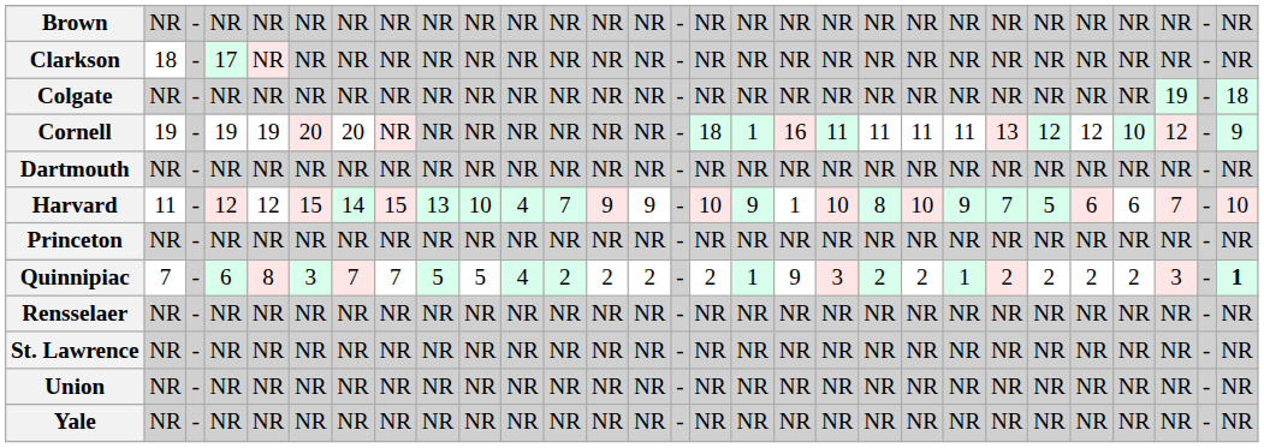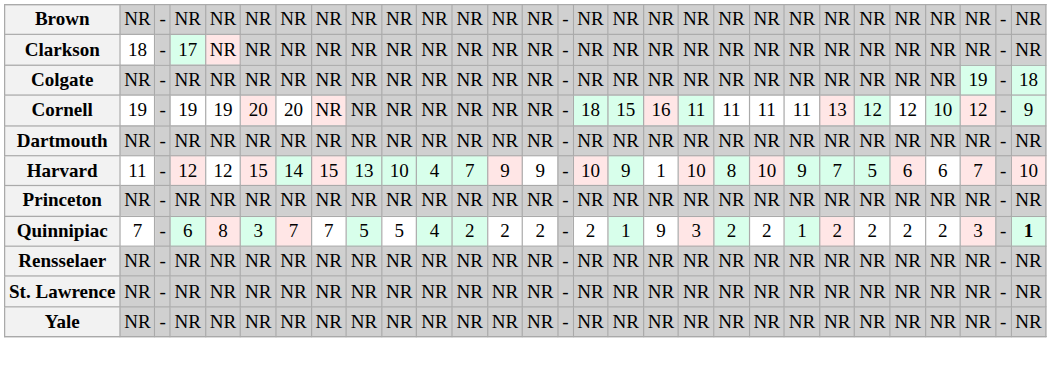 <table class="wikitable sortable" style="text-align: center;">
 <tr>
 </tr>
 <tr bgcolor=d0d0d0>
 <th>Brown</th>
 <td>NR</td>
 <td>-</td>
 <td>NR</td>
 <td>NR</td>
 <td>NR</td>
 <td>NR</td>
 <td>NR</td>
 <td>NR</td>
 <td>NR</td>
 <td>NR</td>
 <td>NR</td>
 <td>NR</td>
 <td>NR</td>
 <td>-</td>
 <td>NR</td>
 <td>NR</td>
 <td>NR</td>
 <td>NR</td>
 <td>NR</td>
 <td>NR</td>
 <td>NR</td>
 <td>NR</td>
 <td>NR</td>
 <td>NR</td>
 <td>NR</td>
 <td>NR</td>
 <td>-</td>
 <td>NR</td>
 </tr>
 <tr bgcolor=d0d0d0>
 <th>Clarkson</th>
 <td bgcolor=ffffff>18</td>
 <td>-</td>
 <td bgcolor=D8FFEB>17</td>
 <td bgcolor=FFE6E6>NR</td>
 <td>NR</td>
 <td>NR</td>
 <td>NR</td>
 <td>NR</td>
 <td>NR</td>
 <td>NR</td>
 <td>NR</td>
 <td>NR</td>
 <td>NR</td>
 <td>-</td>
 <td>NR</td>
 <td>NR</td>
 <td>NR</td>
 <td>NR</td>
 <td>NR</td>
 <td>NR</td>
 <td>NR</td>
 <td>NR</td>
 <td>NR</td>
 <td>NR</td>
 <td>NR</td>
 <td>NR</td>
 <td>-</td>
 <td>NR</td>
 </tr>
 <tr bgcolor=d0d0d0>
 <th>Colgate</th>
 <td>NR</td>
 <td>-</td>
 <td>NR</td>
 <td>NR</td>
 <td>NR</td>
 <td>NR</td>
 <td>NR</td>
 <td>NR</td>
 <td>NR</td>
 <td>NR</td>
 <td>NR</td>
 <td>NR</td>
 <td>NR</td>
 <td>-</td>
 <td>NR</td>
 <td>NR</td>
 <td>NR</td>
 <td>NR</td>
 <td>NR</td>
 <td>NR</td>
 <td>NR</td>
 <td>NR</td>
 <td>NR</td>
 <td>NR</td>
 <td>NR</td>
 <td bgcolor=D8FFEB>19</td>
 <td>-</td>
 <td bgcolor=D8FFEB>18</td>
 </tr>
 <tr bgcolor=d0d0d0>
 <th>Cornell</th>
 <td bgcolor=ffffff>19</td>
 <td>-</td>
 <td bgcolor=ffffff>19</td>
 <td bgcolor=ffffff>19</td>
 <td bgcolor=FFE6E6>20</td>
 <td bgcolor=ffffff>20</td>
 <td bgcolor=FFE6E6>NR</td>
 <td>NR</td>
 <td>NR</td>
 <td>NR</td>
 <td>NR</td>
 <td>NR</td>
 <td>NR</td>
 <td>-</td>
 <td bgcolor=D8FFEB>18</td>
-<td bgcolor=D8FFEB>1</td>
+<td bgcolor=D8FFEB>15</td>
 <td bgcolor=FFE6E6>16</td>
 <td bgcolor=D8FFEB>11</td>
 <td bgcolor=ffffff>11</td>
 <td bgcolor=ffffff>11</td>
 <td bgcolor=ffffff>11</td>
 <td bgcolor=FFE6E6>13</td>
 <td bgcolor=D8FFEB>12</td>
 <td bgcolor=ffffff>12</td>
 <td bgcolor=D8FFEB>10</td>
 <td bgcolor=FFE6E6>12</td>
 <td>-</td>
 <td bgcolor=D8FFEB>9</td>
 </tr>
 <tr bgcolor=d0d0d0>
 <th>Dartmouth</th>
 <td>NR</td>
 <td>-</td>
 <td>NR</td>
 <td>NR</td>
 <td>NR</td>
 <td>NR</td>
 <td>NR</td>
 <td>NR</td>
 <td>NR</td>
 <td>NR</td>
 <td>NR</td>
 <td>NR</td>
 <td>NR</td>
 <td>-</td>
 <td>NR</td>
 <td>NR</td>
 <td>NR</td>
 <td>NR</td>
 <td>NR</td>
 <td>NR</td>
 <td>NR</td>
 <td>NR</td>
 <td>NR</td>
 <td>NR</td>
 <td>NR</td>
 <td>NR</td>
 <td>-</td>
 <td>NR</td>
 </tr>
 <tr bgcolor=d0d0d0>
 <th>Harvard</th>
 <td bgcolor=ffffff>11</td>
 <td>-</td>
 <td bgcolor=FFE6E6>12</td>
 <td bgcolor=ffffff>12</td>
 <td bgcolor=FFE6E6>15</td>
 <td bgcolor=D8FFEB>14</td>
 <td bgcolor=FFE6E6>15</td>
 <td bgcolor=D8FFEB>13</td>
 <td bgcolor=D8FFEB>10</td>
 <td bgcolor=D8FFEB>4</td>
 <td bgcolor=D8FFEB>7</td>
 <td bgcolor=FFE6E6>9</td>
 <td bgcolor=ffffff>9</td>
 <td>-</td>
 <td bgcolor=FFE6E6>10</td>
 <td bgcolor=D8FFEB>9</td>
 <td bgcolor=ffffff>1</td>
 <td bgcolor=FFE6E6>10</td>
 <td bgcolor=D8FFEB>8</td>
 <td bgcolor=FFE6E6>10</td>
 <td bgcolor=D8FFEB>9</td>
 <td bgcolor=D8FFEB>7</td>
 <td bgcolor=D8FFEB>5</td>
 <td bgcolor=FFE6E6>6</td>
 <td bgcolor=ffffff>6</td>
 <td bgcolor=FFE6E6>7</td>
 <td>-</td>
 <td bgcolor=FFE6E6>10</td>
 </tr>
 <tr bgcolor=d0d0d0>
 <th>Princeton</th>
 <td>NR</td>
 <td>-</td>
 <td>NR</td>
 <td>NR</td>
 <td>NR</td>
 <td>NR</td>
 <td>NR</td>
 <td>NR</td>
 <td>NR</td>
 <td>NR</td>
 <td>NR</td>
 <td>NR</td>
 <td>NR</td>
 <td>-</td>
 <td>NR</td>
 <td>NR</td>
 <td>NR</td>
 <td>NR</td>
 <td>NR</td>
 <td>NR</td>
 <td>NR</td>
 <td>NR</td>
 <td>NR</td>
 <td>NR</td>
 <td>NR</td>
 <td>NR</td>
 <td>-</td>
 <td>NR</td>
 </tr>
 <tr bgcolor=d0d0d0>
 <th>Quinnipiac</th>
 <td bgcolor=ffffff>7</td>
 <td>-</td>
 <td bgcolor=D8FFEB>6</td>
 <td bgcolor=FFE6E6>8</td>
 <td bgcolor=D8FFEB>3</td>
 <td bgcolor=FFE6E6>7</td>
 <td bgcolor=ffffff>7</td>
 <td bgcolor=D8FFEB>5</td>
 <td bgcolor=ffffff>5</td>
 <td bgcolor=D8FFEB>4</td>
 <td bgcolor=D8FFEB>2</td>
 <td bgcolor=ffffff>2</td>
 <td bgcolor=ffffff>2</td>
 <td>-</td>
 <td bgcolor=ffffff>2</td>
 <td bgcolor=D8FFEB>1</td>
 <td bgcolor=ffffff>9</td>
 <td bgcolor=FFE6E6>3</td>
 <td bgcolor=D8FFEB>2</td>
 <td bgcolor=ffffff>2</td>
 <td bgcolor=D8FFEB>1</td>
 <td bgcolor=FFE6E6>2</td>
 <td bgcolor=ffffff>2</td>
 <td bgcolor=ffffff>2</td>
 <td bgcolor=ffffff>2</td>
 <td bgcolor=FFE6E6>3</td>
 <td>-</td>
 <td bgcolor=D8FFEB><strong>1</strong></td>
 </tr>
 <tr bgcolor=d0d0d0>
 <th>Rensselaer</th>
 <td>NR</td>
 <td>-</td>
 <td>NR</td>
 <td>NR</td>
 <td>NR</td>
 <td>NR</td>
 <td>NR</td>
 <td>NR</td>
 <td>NR</td>
 <td>NR</td>
 <td>NR</td>
 <td>NR</td>
 <td>NR</td>
 <td>-</td>
 <td>NR</td>
 <td>NR</td>
 <td>NR</td>
 <td>NR</td>
 <td>NR</td>
 <td>NR</td>
 <td>NR</td>
 <td>NR</td>
 <td>NR</td>
 <td>NR</td>
 <td>NR</td>
 <td>NR</td>
 <td>-</td>
 <td>NR</td>
 </tr>
 <tr bgcolor=d0d0d0>
 <th>St. Lawrence</th>
 <td>NR</td>
 <td>-</td>
 <td>NR</td>
 <td>NR</td>
 <td>NR</td>
 <td>NR</td>
 <td>NR</td>
 <td>NR</td>
 <td>NR</td>
 <td>NR</td>
 <td>NR</td>
 <td>NR</td>
 <td>NR</td>
 <td>-</td>
 <td>NR</td>
 <td>NR</td>
 <td>NR</td>
 <td>NR</td>
 <td>NR</td>
 <td>NR</td>
 <td>NR</td>
 <td>NR</td>
 <td>NR</td>
 <td>NR</td>
 <td>NR</td>
 <td>NR</td>
 <td>-</td>
 <td>NR</td>
 </tr>
 <tr bgcolor=d0d0d0>
-<th>Union</th>
-<td>NR</td>
-<td>-</td>
-<td>NR</td>
-<td>NR</td>
-<td>NR</td>
-<td>NR</td>
-<td>NR</td>
-<td>NR</td>
-<td>NR</td>
-<td>NR</td>
-<td>NR</td>
-<td>NR</td>
-<td>NR</td>
-<td>-</td>
-<td>NR</td>
-<td>NR</td>
-<td>NR</td>
-<td>NR</td>
-<td>NR</td>
-<td>NR</td>
-<td>NR</td>
-<td>NR</td>
-<td>NR</td>
-<td>NR</td>
-<td>NR</td>
-<td>NR</td>
-<td>-</td>
-<td>NR</td>
-</tr>
-<tr bgcolor=d0d0d0>
 <th>Yale</th>
 <td>NR</td>
 <td>-</td>
 <td>NR</td>
 <td>NR</td>
 <td>NR</td>
 <td>NR</td>
 <td>NR</td>
 <td>NR</td>
 <td>NR</td>
 <td>NR</td>
 <td>NR</td>
 <td>NR</td>
 <td>NR</td>
 <td>-</td>
 <td>NR</td>
 <td>NR</td>
 <td>NR</td>
 <td>NR</td>
 <td>NR</td>
 <td>NR</td>
 <td>NR</td>
 <td>NR</td>
 <td>NR</td>
 <td>NR</td>
 <td>NR</td>
 <td>NR</td>
 <td>-</td>
 <td>NR</td>
 </tr>
 <tr>
 </tr>
 </table>
